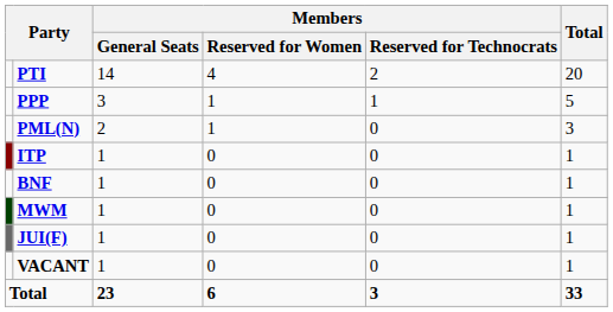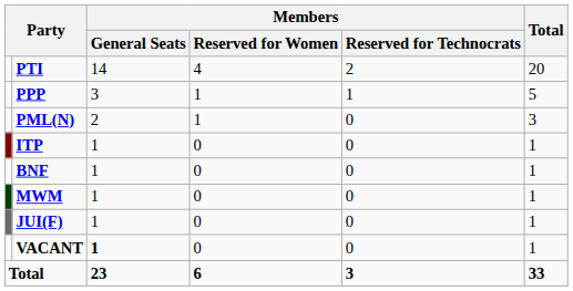 <table class="wikitable">
 <tr>
 <th colspan="2" rowspan="2">Party</th>
 <th colspan="3">Members</th>
 <th rowspan="2">Total</th>
 </tr>
 <tr>
 <th>General Seats</th>
 <th>Reserved for Women</th>
 <th>Reserved for Technocrats</th>
 </tr>
 <tr>
 <td></td>
 <td><strong><a href='#'>PTI</a></strong></td>
 <td>14</td>
 <td>4</td>
 <td>2</td>
 <td>20</td>
 </tr>
 <tr>
 <td></td>
 <td><strong><a href='#'>PPP</a></strong></td>
 <td>3</td>
 <td>1</td>
 <td>1</td>
 <td>5</td>
 </tr>
 <tr>
 <td></td>
 <td><strong><a href='#'>PML(N)</a></strong></td>
 <td>2</td>
 <td>1</td>
 <td>0</td>
 <td>3</td>
 </tr>
 <tr>
 <td bgcolor=#880000></td>
 <td><strong><a href='#'>ITP</a></strong></td>
 <td>1</td>
 <td>0</td>
 <td>0</td>
 <td>1</td>
 </tr>
 <tr>
 <td></td>
 <td><strong><a href='#'>BNF</a></strong></td>
 <td>1</td>
 <td>0</td>
 <td>0</td>
 <td>1</td>
 </tr>
 <tr>
 <td bgcolor=#004000></td>
 <td><strong><a href='#'>MWM</a></strong></td>
 <td>1</td>
 <td>0</td>
 <td>0</td>
 <td>1</td>
 </tr>
 <tr>
 <td bgcolor=#696969></td>
 <td><a href='#'><strong>JUI(F)</strong></a></td>
 <td>1</td>
 <td>0</td>
 <td>0</td>
 <td>1</td>
 </tr>
 <tr>
 <td></td>
 <td><strong>VACANT</strong></td>
-<td>1</td>
+<td><strong>1</strong></td>
 <td>0</td>
 <td>0</td>
 <td>1</td>
 </tr>
 <tr>
 <td colspan="2"><strong>Total</strong></td>
 <td><strong>23</strong></td>
 <td><strong>6</strong></td>
 <td><strong>3</strong></td>
 <td><strong>33</strong></td>
 </tr>
 </table>
